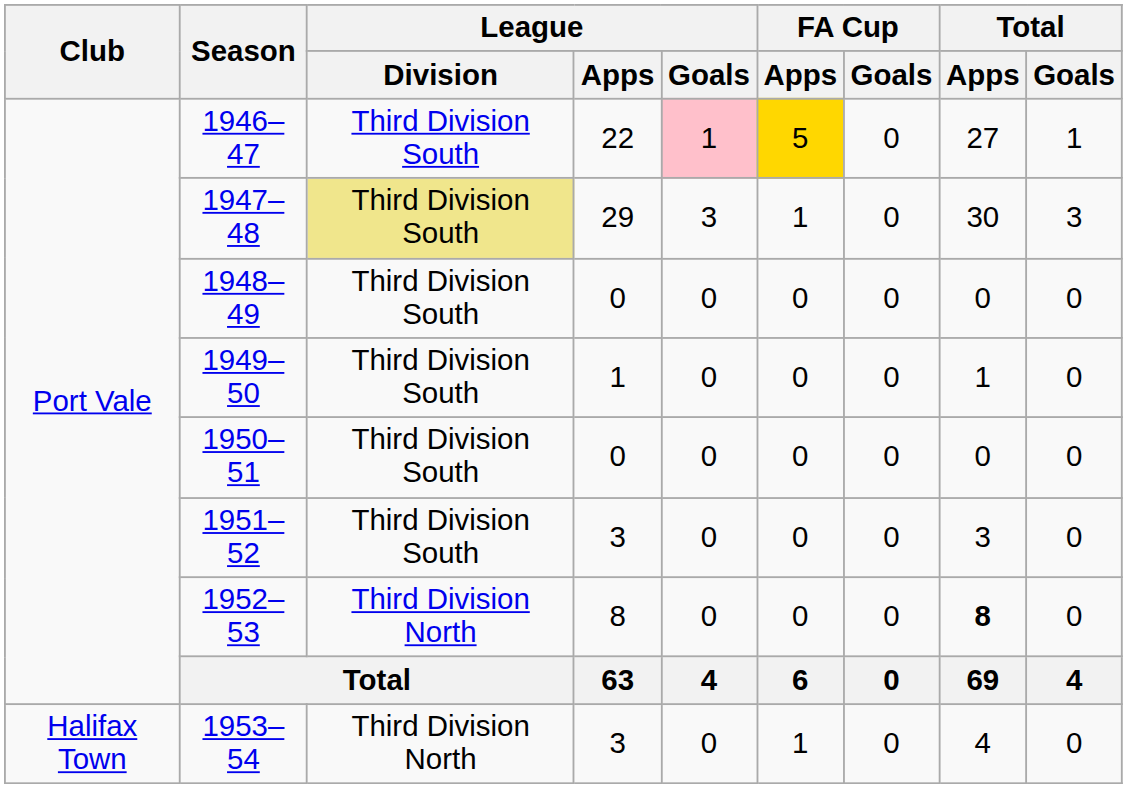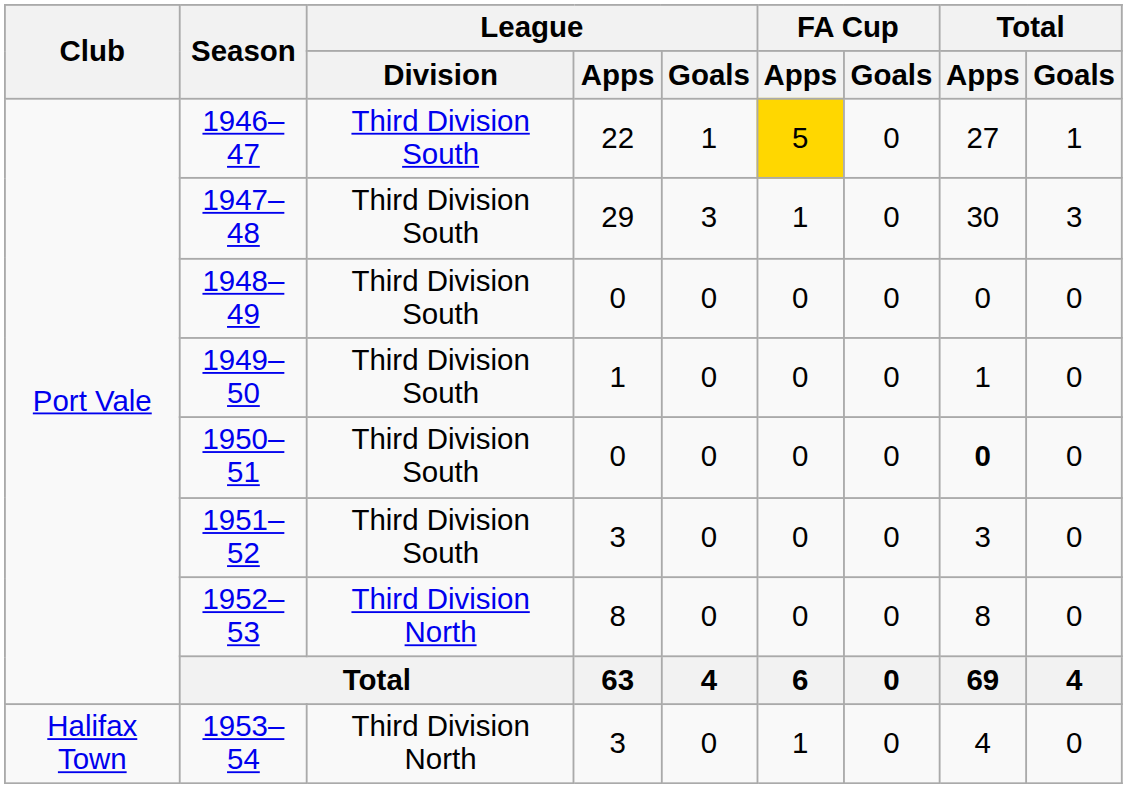 <table class="wikitable" style="text-align: center;">
 <tr>
 <th rowspan="2">Club</th>
 <th rowspan="2">Season</th>
 <th colspan="3">League</th>
 <th colspan="2">FA Cup</th>
 <th colspan="2">Total</th>
 </tr>
 <tr>
 <th>Division</th>
 <th>Apps</th>
 <th>Goals</th>
 <th>Apps</th>
 <th>Goals</th>
 <th>Apps</th>
 <th>Goals</th>
 </tr>
 <tr>
 <td rowspan="8"><a href='#'>Port Vale</a></td>
 <td><a href='#'>1946–47</a></td>
 <td><a href='#'>Third Division South</a></td>
 <td>22</td>
-<td style="background: pink;">1</td>
+<td>1</td>
 <td style="background: gold;">5</td>
 <td>0</td>
 <td>27</td>
 <td>1</td>
 </tr>
 <tr>
 <td><a href='#'>1947–48</a></td>
-<td style="background: khaki;">Third Division South</td>
+<td>Third Division South</td>
 <td>29</td>
 <td>3</td>
 <td>1</td>
 <td>0</td>
 <td>30</td>
 <td>3</td>
 </tr>
 <tr>
 <td><a href='#'>1948–49</a></td>
 <td>Third Division South</td>
 <td>0</td>
 <td>0</td>
 <td>0</td>
 <td>0</td>
 <td>0</td>
 <td>0</td>
 </tr>
 <tr>
 <td><a href='#'>1949–50</a></td>
 <td>Third Division South</td>
 <td>1</td>
 <td>0</td>
 <td>0</td>
 <td>0</td>
 <td>1</td>
 <td>0</td>
 </tr>
 <tr>
 <td><a href='#'>1950–51</a></td>
 <td>Third Division South</td>
 <td>0</td>
 <td>0</td>
 <td>0</td>
 <td>0</td>
-<td>0</td>
+<td><strong>0</strong></td>
 <td>0</td>
 </tr>
 <tr>
 <td><a href='#'>1951–52</a></td>
 <td>Third Division South</td>
 <td>3</td>
 <td>0</td>
 <td>0</td>
 <td>0</td>
 <td>3</td>
 <td>0</td>
 </tr>
 <tr>
 <td><a href='#'>1952–53</a></td>
 <td><a href='#'>Third Division North</a></td>
 <td>8</td>
 <td>0</td>
 <td>0</td>
 <td>0</td>
-<td><strong>8</strong></td>
+<td>8</td>
 <td>0</td>
 </tr>
 <tr>
 <th colspan="2">Total</th>
 <th>63</th>
 <th>4</th>
 <th>6</th>
 <th>0</th>
 <th>69</th>
 <th>4</th>
 </tr>
 <tr>
 <td><a href='#'>Halifax Town</a></td>
 <td><a href='#'>1953–54</a></td>
 <td>Third Division North</td>
 <td>3</td>
 <td>0</td>
 <td>1</td>
 <td>0</td>
 <td>4</td>
 <td>0</td>
 </tr>
 </table>
